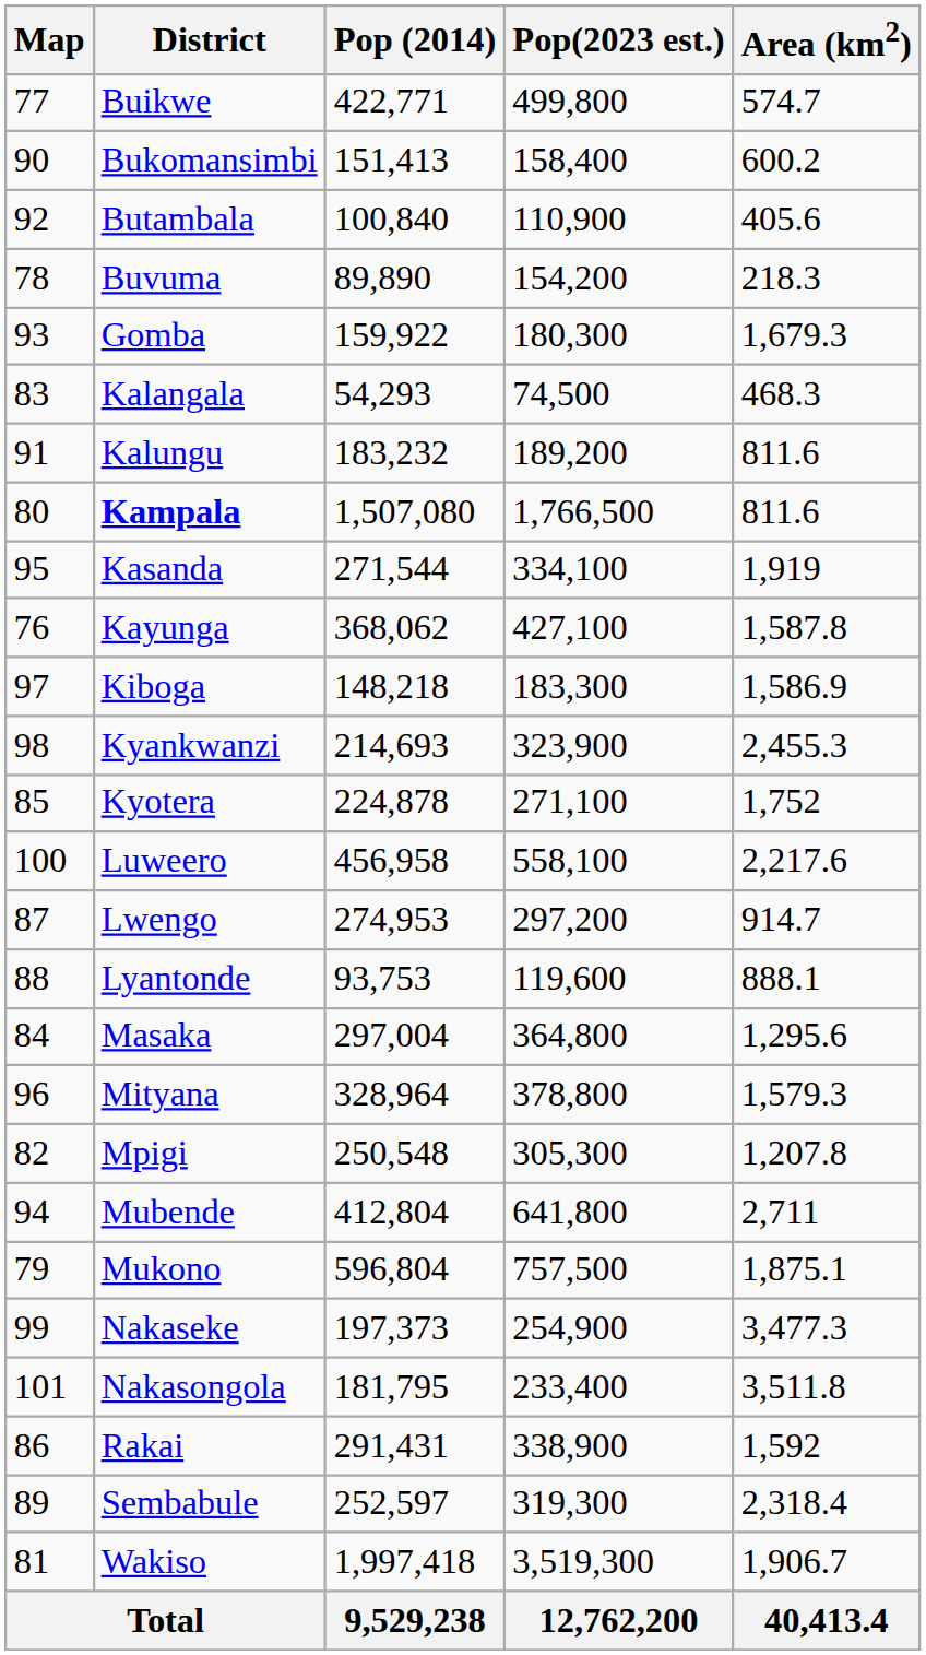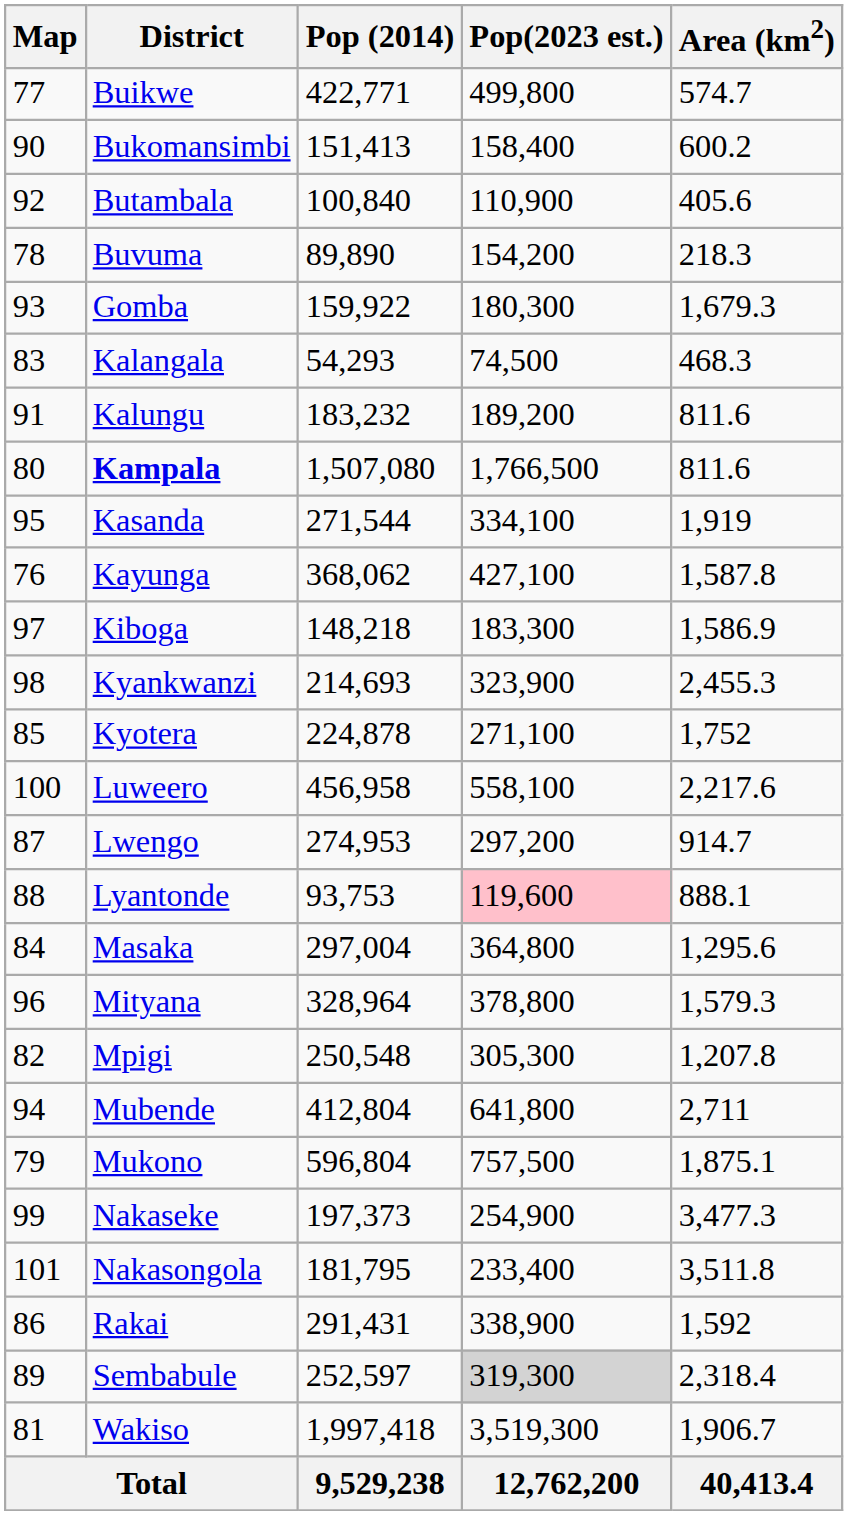 <table class="wikitable sortable" style="font-size:90%;">
 <tr>
 <th>Map</th>
 <th>District</th>
 <th>Pop (2014)</th>
 <th>Pop(2023 est.)</th>
 <th>Area (km<sup>2</sup>)</th>
 </tr>
 <tr>
 <td>77</td>
 <td><a href='#'>Buikwe</a></td>
 <td>422,771</td>
 <td>499,800</td>
 <td>574.7</td>
 </tr>
 <tr>
 <td>90</td>
 <td><a href='#'>Bukomansimbi</a></td>
 <td>151,413</td>
 <td>158,400</td>
 <td>600.2</td>
 </tr>
 <tr>
 <td>92</td>
 <td><a href='#'>Butambala</a></td>
 <td>100,840</td>
 <td>110,900</td>
 <td>405.6</td>
 </tr>
 <tr>
 <td>78</td>
 <td><a href='#'>Buvuma</a></td>
 <td>89,890</td>
 <td>154,200</td>
 <td>218.3</td>
 </tr>
 <tr>
 <td>93</td>
 <td><a href='#'>Gomba</a></td>
 <td>159,922</td>
 <td>180,300</td>
 <td>1,679.3</td>
 </tr>
 <tr>
 <td>83</td>
 <td><a href='#'>Kalangala</a></td>
 <td>54,293</td>
 <td>74,500</td>
 <td>468.3</td>
 </tr>
 <tr>
 <td>91</td>
 <td><a href='#'>Kalungu</a></td>
 <td>183,232</td>
 <td>189,200</td>
 <td>811.6</td>
 </tr>
 <tr>
 <td>80</td>
 <td><strong><a href='#'>Kampala</a></strong></td>
 <td>1,507,080</td>
 <td>1,766,500</td>
 <td>811.6</td>
 </tr>
 <tr>
 <td>95</td>
 <td><a href='#'>Kasanda</a></td>
 <td>271,544</td>
 <td>334,100</td>
 <td>1,919</td>
 </tr>
 <tr>
 <td>76</td>
 <td><a href='#'>Kayunga</a></td>
 <td>368,062</td>
 <td>427,100</td>
 <td>1,587.8</td>
 </tr>
 <tr>
 <td>97</td>
 <td><a href='#'>Kiboga</a></td>
 <td>148,218</td>
 <td>183,300</td>
 <td>1,586.9</td>
 </tr>
 <tr>
 <td>98</td>
 <td><a href='#'>Kyankwanzi</a></td>
 <td>214,693</td>
 <td>323,900</td>
 <td>2,455.3</td>
 </tr>
 <tr>
 <td>85</td>
 <td><a href='#'>Kyotera</a></td>
 <td>224,878</td>
 <td>271,100</td>
 <td>1,752</td>
 </tr>
 <tr>
 <td>100</td>
 <td><a href='#'>Luweero</a></td>
 <td>456,958</td>
 <td>558,100</td>
 <td>2,217.6</td>
 </tr>
 <tr>
 <td>87</td>
 <td><a href='#'>Lwengo</a></td>
 <td>274,953</td>
 <td>297,200</td>
 <td>914.7</td>
 </tr>
 <tr>
 <td>88</td>
 <td><a href='#'>Lyantonde</a></td>
 <td>93,753</td>
-<td>119,600</td>
+<td style="background: pink;">119,600</td>
 <td>888.1</td>
 </tr>
 <tr>
 <td>84</td>
 <td><a href='#'>Masaka</a></td>
 <td>297,004</td>
 <td>364,800</td>
 <td>1,295.6</td>
 </tr>
 <tr>
 <td>96</td>
 <td><a href='#'>Mityana</a></td>
 <td>328,964</td>
 <td>378,800</td>
 <td>1,579.3</td>
 </tr>
 <tr>
 <td>82</td>
 <td><a href='#'>Mpigi</a></td>
 <td>250,548</td>
 <td>305,300</td>
 <td>1,207.8</td>
 </tr>
 <tr>
 <td>94</td>
 <td><a href='#'>Mubende</a></td>
 <td>412,804</td>
 <td>641,800</td>
 <td>2,711</td>
 </tr>
 <tr>
 <td>79</td>
 <td><a href='#'>Mukono</a></td>
 <td>596,804</td>
 <td>757,500</td>
 <td>1,875.1</td>
 </tr>
 <tr>
 <td>99</td>
 <td><a href='#'>Nakaseke</a></td>
 <td>197,373</td>
 <td>254,900</td>
 <td>3,477.3</td>
 </tr>
 <tr>
 <td>101</td>
 <td><a href='#'>Nakasongola</a></td>
 <td>181,795</td>
 <td>233,400</td>
 <td>3,511.8</td>
 </tr>
 <tr>
 <td>86</td>
 <td><a href='#'>Rakai</a></td>
 <td>291,431</td>
 <td>338,900</td>
 <td>1,592</td>
 </tr>
 <tr>
 <td>89</td>
 <td><a href='#'>Sembabule</a></td>
 <td>252,597</td>
-<td>319,300</td>
+<td style="background: lightgrey;">319,300</td>
 <td>2,318.4</td>
 </tr>
 <tr>
 <td>81</td>
 <td><a href='#'>Wakiso</a></td>
 <td>1,997,418</td>
 <td>3,519,300</td>
 <td>1,906.7</td>
 </tr>
 <tr>
 <th colspan="2">Total</th>
 <th>9,529,238</th>
 <th>12,762,200</th>
 <th>40,413.4</th>
 </tr>
 </table>
